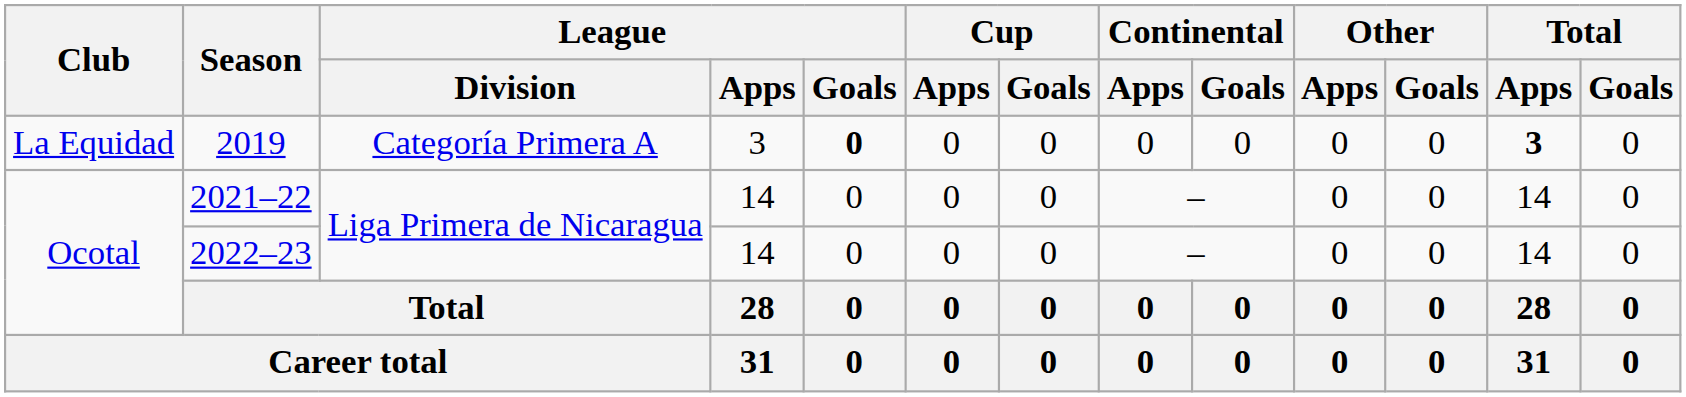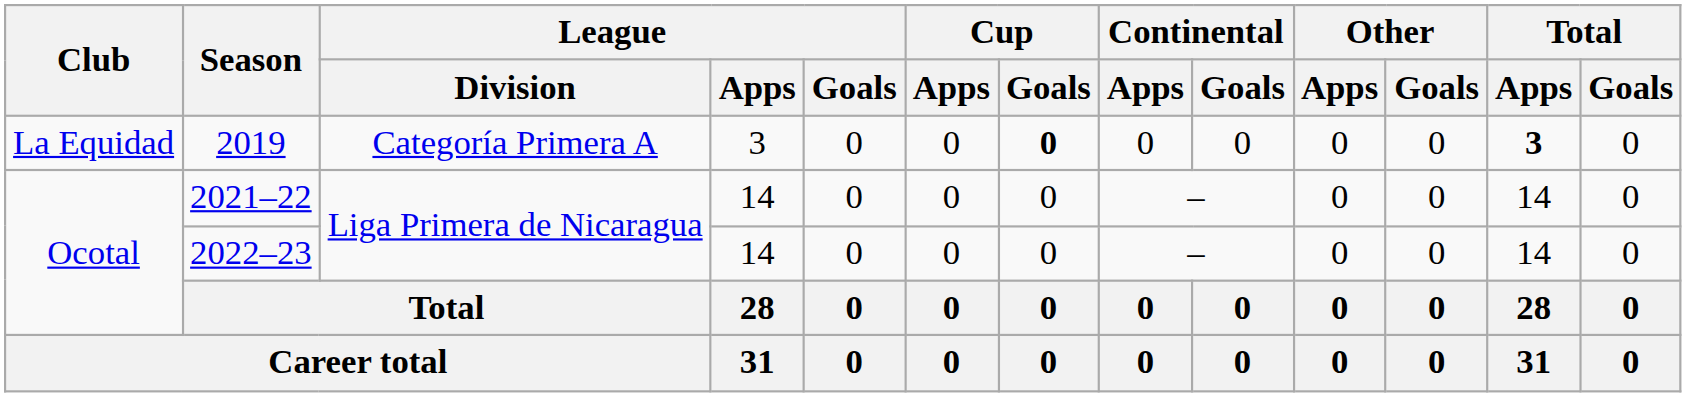 <table class=wikitable style=text-align:center>
 <tr>
 <th rowspan="2">Club</th>
 <th rowspan="2">Season</th>
 <th colspan="3">League</th>
 <th colspan="2">Cup</th>
 <th colspan="2">Continental</th>
 <th colspan="2">Other</th>
 <th colspan="2">Total</th>
 </tr>
 <tr>
 <th>Division</th>
 <th>Apps</th>
 <th>Goals</th>
 <th>Apps</th>
 <th>Goals</th>
 <th>Apps</th>
 <th>Goals</th>
 <th>Apps</th>
 <th>Goals</th>
 <th>Apps</th>
 <th>Goals</th>
 </tr>
 <tr>
 <td><a href='#'>La Equidad</a></td>
 <td><a href='#'>2019</a></td>
 <td><a href='#'>Categoría Primera A</a></td>
 <td>3</td>
-<td><strong>0</strong></td>
 <td>0</td>
 <td>0</td>
+<td><strong>0</strong></td>
 <td>0</td>
 <td>0</td>
 <td>0</td>
 <td>0</td>
 <td><strong>3</strong></td>
 <td>0</td>
 </tr>
 <tr>
 <td rowspan="3"><a href='#'>Ocotal</a></td>
 <td><a href='#'>2021–22</a></td>
 <td rowspan="2"><a href='#'>Liga Primera de Nicaragua</a></td>
 <td>14</td>
 <td>0</td>
 <td>0</td>
 <td>0</td>
 <td colspan="2">–</td>
 <td>0</td>
 <td>0</td>
 <td>14</td>
 <td>0</td>
 </tr>
 <tr>
 <td><a href='#'>2022–23</a></td>
 <td>14</td>
 <td>0</td>
 <td>0</td>
 <td>0</td>
 <td colspan="2">–</td>
 <td>0</td>
 <td>0</td>
 <td>14</td>
 <td>0</td>
 </tr>
 <tr>
 <th colspan="2"><strong>Total</strong></th>
 <th>28</th>
 <th>0</th>
 <th>0</th>
 <th>0</th>
 <th>0</th>
 <th>0</th>
 <th>0</th>
 <th>0</th>
 <th>28</th>
 <th>0</th>
 </tr>
 <tr>
 <th colspan="3"><strong>Career total</strong></th>
 <th>31</th>
 <th>0</th>
 <th>0</th>
 <th>0</th>
 <th>0</th>
 <th>0</th>
 <th>0</th>
 <th>0</th>
 <th>31</th>
 <th>0</th>
 </tr>
 </table>
